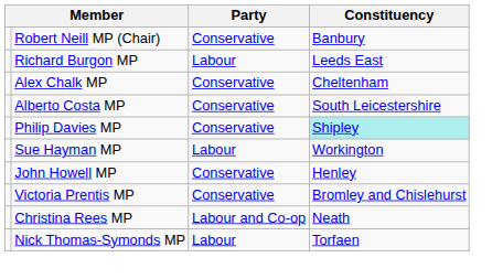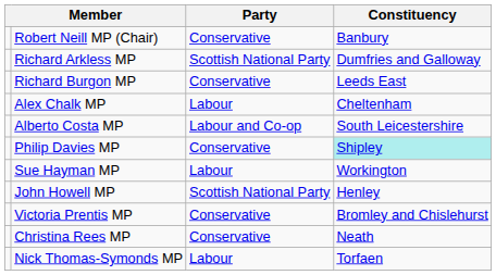 <table class="wikitable">
 <tr>
 <th colspan="2" valign="top">Member</th>
 <th valign="top">Party</th>
 <th valign="top">Constituency</th>
 </tr>
 <tr>
 <td style="color:inherit;background:"></td>
 <td><a href='#'>Robert Neill</a> MP (Chair)</td>
 <td><a href='#'>Conservative</a></td>
 <td><a href='#'>Banbury</a></td>
 </tr>
 <tr>
 <td style="color:inherit;background:"></td>
+<td><a href='#'>Richard Arkless</a> MP</td>
+<td><a href='#'>Scottish National Party</a></td>
+<td><a href='#'>Dumfries and Galloway</a></td>
+</tr>
+<tr>
+<td style="color:inherit;background:"></td>
 <td><a href='#'>Richard Burgon</a> MP</td>
-<td><a href='#'>Labour</a></td>
+<td><a href='#'>Conservative</a></td>
 <td><a href='#'>Leeds East</a></td>
 </tr>
 <tr>
 <td style="color:inherit;background:"></td>
 <td><a href='#'>Alex Chalk</a> MP</td>
-<td><a href='#'>Conservative</a></td>
+<td><a href='#'>Labour</a></td>
 <td><a href='#'>Cheltenham</a></td>
 </tr>
 <tr>
 <td style="color:inherit;background:"></td>
 <td><a href='#'>Alberto Costa</a> MP</td>
-<td><a href='#'>Conservative</a></td>
+<td><a href='#'>Labour and Co-op</a></td>
 <td><a href='#'>South Leicestershire</a></td>
 </tr>
 <tr>
 <td style="color:inherit;background:"></td>
 <td><a href='#'>Philip Davies</a> MP</td>
 <td><a href='#'>Conservative</a></td>
 <td style="background: paleturquoise;"><a href='#'>Shipley</a></td>
 </tr>
 <tr>
 <td style="color:inherit;background:"></td>
 <td><a href='#'>Sue Hayman</a> MP</td>
 <td><a href='#'>Labour</a></td>
 <td><a href='#'>Workington</a></td>
 </tr>
 <tr>
 <td style="color:inherit;background:"></td>
 <td><a href='#'>John Howell</a> MP</td>
-<td><a href='#'>Conservative</a></td>
+<td><a href='#'>Scottish National Party</a></td>
 <td><a href='#'>Henley</a></td>
 </tr>
 <tr>
 <td style="color:inherit;background:"></td>
 <td><a href='#'>Victoria Prentis</a> MP</td>
 <td><a href='#'>Conservative</a></td>
 <td><a href='#'>Bromley and Chislehurst</a></td>
 </tr>
 <tr>
 <td style="color:inherit;background:"></td>
 <td><a href='#'>Christina Rees</a> MP</td>
-<td><a href='#'>Labour and Co-op</a></td>
+<td><a href='#'>Conservative</a></td>
 <td><a href='#'>Neath</a></td>
 </tr>
 <tr>
 <td style="color:inherit;background:"></td>
 <td><a href='#'>Nick Thomas-Symonds</a> MP</td>
 <td><a href='#'>Labour</a></td>
 <td><a href='#'>Torfaen</a></td>
 </tr>
 </table>
